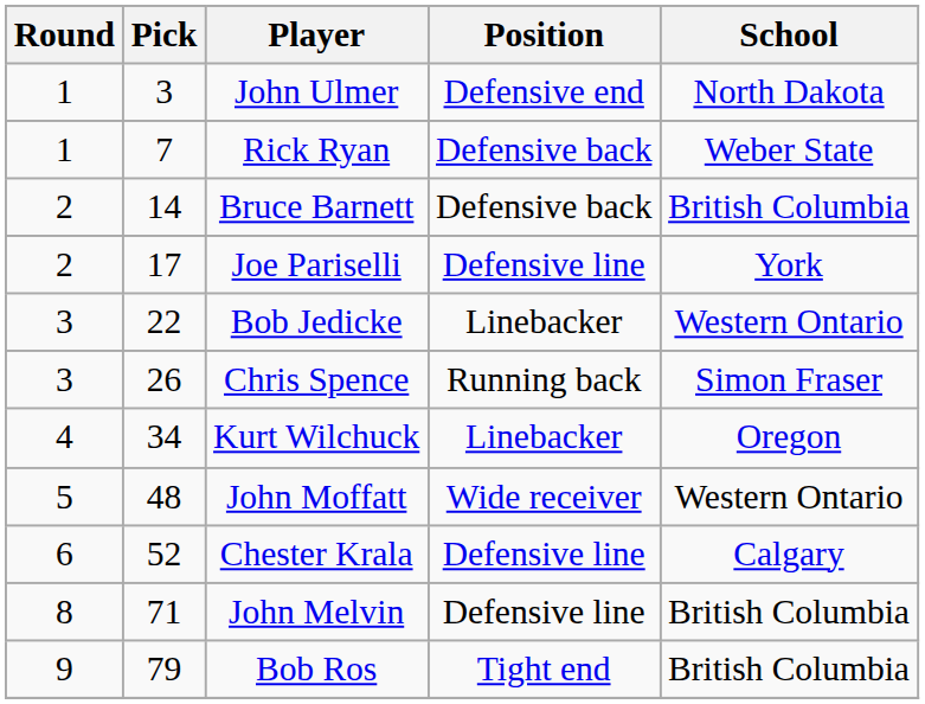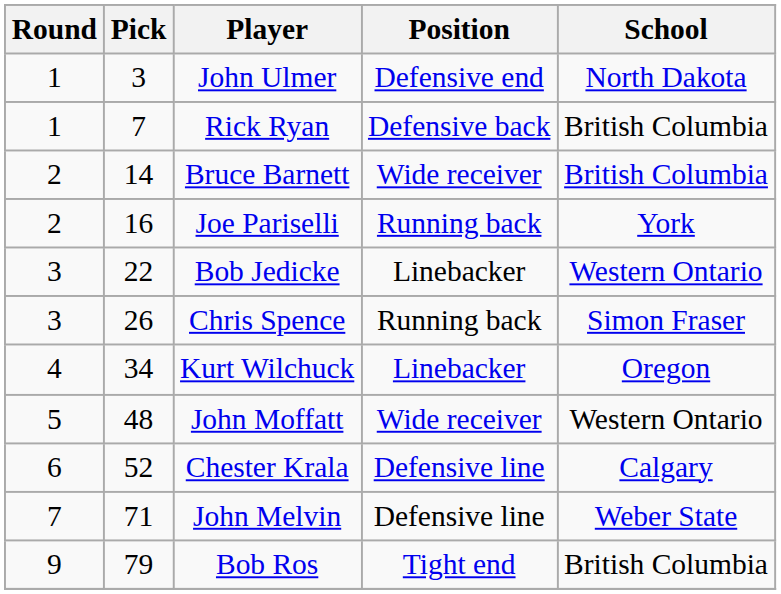 <table class="wikitable" style="font-size: 95%;">
 <tr>
 <th scope="col">Round</th>
 <th scope="col">Pick</th>
 <th scope="col">Player</th>
 <th scope="col">Position</th>
 <th scope="col">School</th>
 </tr>
 <tr align="center">
 <td align=center>1</td>
 <td>3</td>
 <td><a href='#'>John Ulmer</a></td>
 <td><a href='#'>Defensive end</a></td>
 <td><a href='#'>North Dakota</a></td>
 </tr>
 <tr align="center">
 <td align=center>1</td>
 <td>7</td>
 <td><a href='#'>Rick Ryan</a></td>
 <td><a href='#'>Defensive back</a></td>
-<td><a href='#'>Weber State</a></td>
+<td>British Columbia</td>
 </tr>
 <tr align="center">
 <td align=center>2</td>
 <td>14</td>
 <td><a href='#'>Bruce Barnett</a></td>
-<td>Defensive back</td>
+<td><a href='#'>Wide receiver</a></td>
 <td><a href='#'>British Columbia</a></td>
 </tr>
 <tr align="center">
 <td align=center>2</td>
-<td>17</td>
+<td>16</td>
 <td><a href='#'>Joe Pariselli</a></td>
-<td><a href='#'>Defensive line</a></td>
+<td><a href='#'>Running back</a></td>
 <td><a href='#'>York</a></td>
 </tr>
 <tr align="center">
 <td align=center>3</td>
 <td>22</td>
 <td><a href='#'>Bob Jedicke</a></td>
 <td>Linebacker</td>
 <td><a href='#'>Western Ontario</a></td>
 </tr>
 <tr align="center">
 <td align=center>3</td>
 <td>26</td>
 <td><a href='#'>Chris Spence</a></td>
 <td>Running back</td>
 <td><a href='#'>Simon Fraser</a></td>
 </tr>
 <tr align="center">
 <td align=center>4</td>
 <td>34</td>
 <td><a href='#'>Kurt Wilchuck</a></td>
 <td><a href='#'>Linebacker</a></td>
 <td><a href='#'>Oregon</a></td>
 </tr>
 <tr align="center">
 <td align=center>5</td>
 <td>48</td>
 <td><a href='#'>John Moffatt</a></td>
 <td><a href='#'>Wide receiver</a></td>
 <td>Western Ontario</td>
 </tr>
 <tr align="center">
 <td align=center>6</td>
 <td>52</td>
 <td><a href='#'>Chester Krala</a></td>
 <td><a href='#'>Defensive line</a></td>
 <td><a href='#'>Calgary</a></td>
 </tr>
 <tr align="center">
-<td align=center>8</td>
+<td align=center>7</td>
 <td>71</td>
 <td><a href='#'>John Melvin</a></td>
 <td>Defensive line</td>
-<td>British Columbia</td>
+<td><a href='#'>Weber State</a></td>
 </tr>
 <tr align="center">
 <td align=center>9</td>
 <td>79</td>
 <td><a href='#'>Bob Ros</a></td>
 <td><a href='#'>Tight end</a></td>
 <td>British Columbia</td>
 </tr>
 <tr>
 </tr>
 </table>
